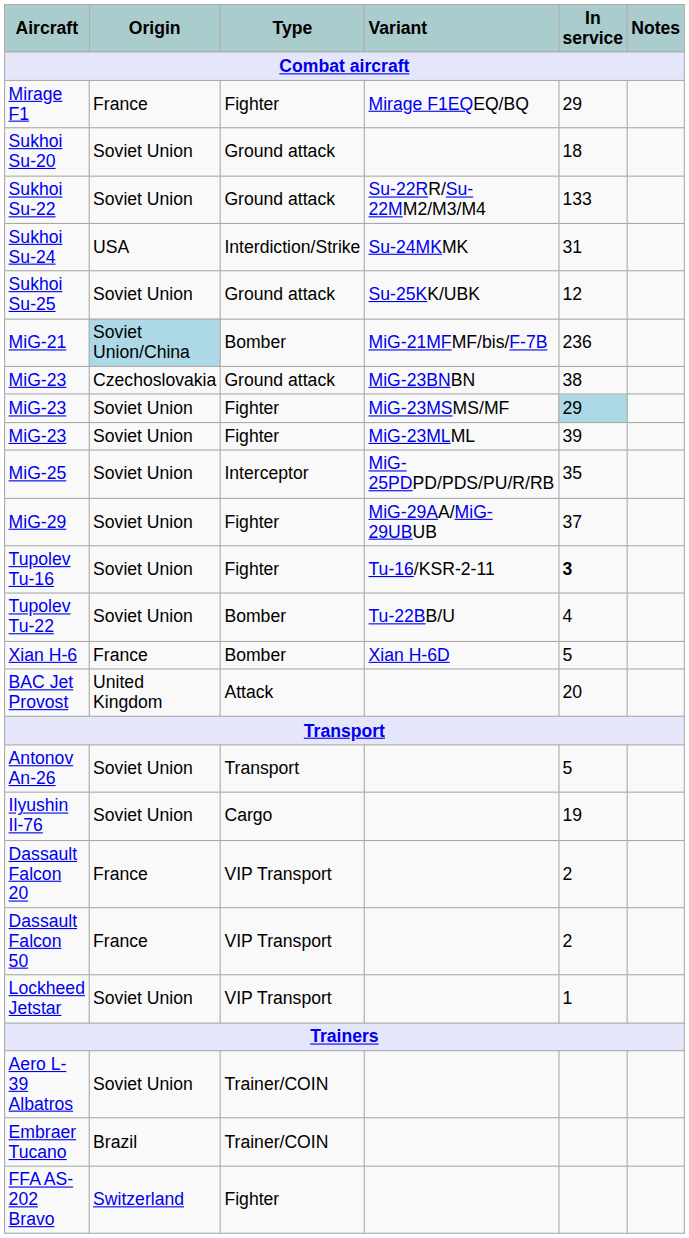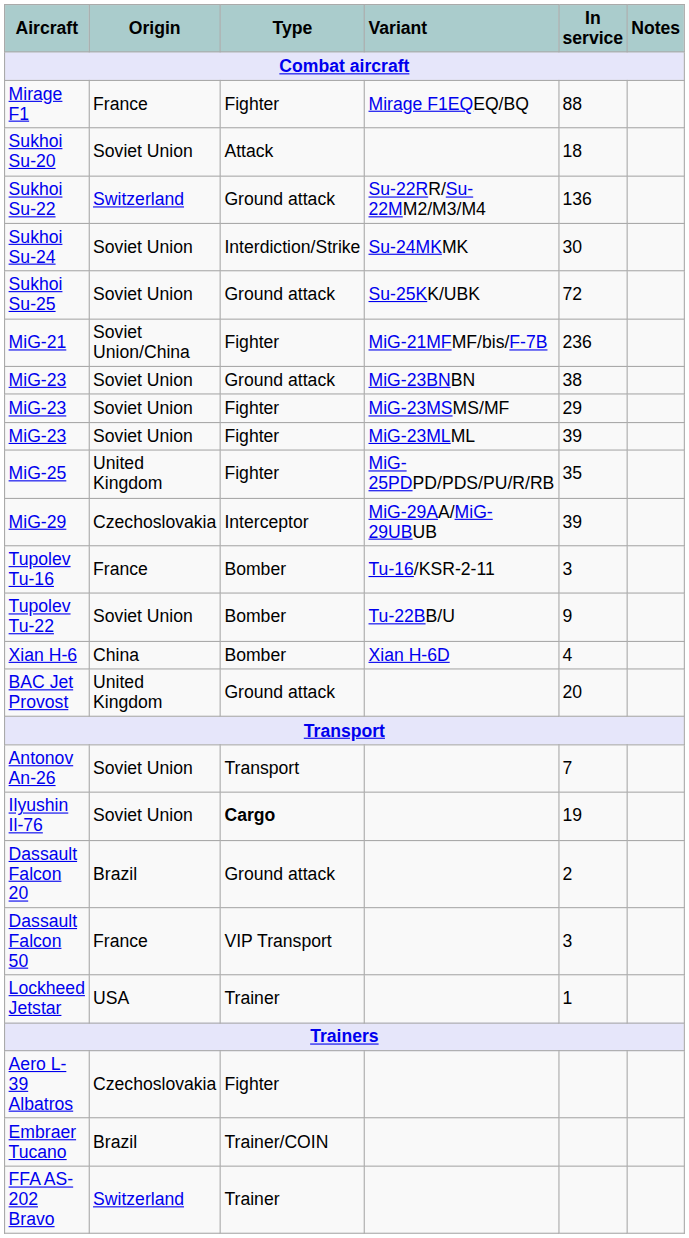 <table class="wikitable">
 <tr>
 <th style="text-align:center; background:#acc;">Aircraft</th>
 <th style="text-align: center; background:#acc;">Origin</th>
 <th style="text-align:l center; background:#acc;">Type</th>
 <th style="text-align:left; background:#acc;">Variant</th>
 <th style="text-align:center; background:#acc;">In service</th>
 <th style="text-align: center; background:#acc;">Notes</th>
 </tr>
 <tr>
 <th colspan="7" style="align: center; background: lavender;"><a href='#'>Combat aircraft</a></th>
 </tr>
 <tr>
 <td><a href='#'>Mirage F1</a></td>
 <td>France</td>
 <td>Fighter</td>
 <td><a href='#'>Mirage F1EQ</a>EQ/BQ</td>
-<td>29</td>
+<td>88</td>
 <td></td>
 </tr>
 <tr>
 <td><a href='#'>Sukhoi Su-20</a></td>
 <td>Soviet Union</td>
-<td>Ground attack</td>
+<td>Attack</td>
 <td></td>
 <td>18</td>
 <td></td>
 </tr>
 <tr>
 <td><a href='#'>Sukhoi Su-22</a></td>
-<td>Soviet Union</td>
+<td><a href='#'>Switzerland</a></td>
 <td>Ground attack</td>
 <td><a href='#'>Su-22R</a>R/<a href='#'>Su-22M</a>M2/M3/M4</td>
-<td>133</td>
+<td>136</td>
 <td></td>
 </tr>
 <tr>
 <td><a href='#'>Sukhoi Su-24</a></td>
-<td>USA</td>
+<td>Soviet Union</td>
 <td>Interdiction/Strike</td>
 <td><a href='#'>Su-24MK</a>MK</td>
-<td>31</td>
+<td>30</td>
 <td></td>
 </tr>
 <tr>
 <td><a href='#'>Sukhoi Su-25</a></td>
 <td>Soviet Union</td>
 <td>Ground attack</td>
 <td><a href='#'>Su-25K</a>K/UBK</td>
-<td>12</td>
+<td>72</td>
 <td></td>
 </tr>
 <tr>
 <td><a href='#'>MiG-21</a></td>
-<td style="background: lightblue;">Soviet Union/China</td>
-<td>Bomber</td>
+<td>Soviet Union/China</td>
+<td>Fighter</td>
 <td><a href='#'>MiG-21MF</a>MF/bis/<a href='#'>F-7B</a></td>
 <td>236</td>
 <td></td>
 </tr>
 <tr>
 <td><a href='#'>MiG-23</a></td>
-<td>Czechoslovakia</td>
+<td>Soviet Union</td>
 <td>Ground attack</td>
 <td><a href='#'>MiG-23BN</a>BN</td>
 <td>38</td>
 <td></td>
 </tr>
 <tr>
 <td><a href='#'>MiG-23</a></td>
 <td>Soviet Union</td>
 <td>Fighter</td>
 <td><a href='#'>MiG-23MS</a>MS/MF</td>
-<td style="background: lightblue;">29</td>
+<td>29</td>
 <td></td>
 </tr>
 <tr>
 <td><a href='#'>MiG-23</a></td>
 <td>Soviet Union</td>
 <td>Fighter</td>
 <td><a href='#'>MiG-23ML</a>ML</td>
 <td>39</td>
 <td></td>
 </tr>
 <tr>
 <td><a href='#'>MiG-25</a></td>
-<td>Soviet Union</td>
-<td>Interceptor</td>
+<td>United Kingdom</td>
+<td>Fighter</td>
 <td><a href='#'>MiG-25PD</a>PD/PDS/PU/R/RB</td>
 <td>35</td>
 <td></td>
 </tr>
 <tr>
 <td><a href='#'>MiG-29</a></td>
-<td>Soviet Union</td>
-<td>Fighter</td>
+<td>Czechoslovakia</td>
+<td>Interceptor</td>
 <td><a href='#'>MiG-29A</a>A/<a href='#'>MiG-29UB</a>UB</td>
-<td>37</td>
+<td>39</td>
 <td></td>
 </tr>
 <tr>
 <td><a href='#'>Tupolev Tu-16</a></td>
-<td>Soviet Union</td>
-<td>Fighter</td>
+<td>France</td>
+<td>Bomber</td>
 <td><a href='#'>Tu-16</a>/KSR-2-11</td>
-<td><strong>3</strong></td>
+<td>3</td>
 <td></td>
 </tr>
 <tr>
 <td><a href='#'>Tupolev Tu-22</a></td>
 <td>Soviet Union</td>
 <td>Bomber</td>
 <td><a href='#'>Tu-22B</a>B/U</td>
-<td>4</td>
+<td>9</td>
 <td></td>
 </tr>
 <tr>
 <td><a href='#'>Xian H-6</a></td>
-<td>France</td>
+<td>China</td>
 <td>Bomber</td>
 <td><a href='#'>Xian H-6D</a></td>
-<td>5</td>
+<td>4</td>
 <td></td>
 </tr>
 <tr>
 <td><a href='#'>BAC Jet Provost</a></td>
 <td>United Kingdom</td>
-<td>Attack</td>
+<td>Ground attack</td>
 <td></td>
 <td>20</td>
 <td></td>
 </tr>
 <tr>
 <th colspan="7" style="align: center; background: lavender;"><a href='#'>Transport</a></th>
 </tr>
 <tr>
 <td><a href='#'>Antonov An-26</a></td>
 <td>Soviet Union</td>
 <td>Transport</td>
 <td></td>
-<td>5</td>
+<td>7</td>
 <td></td>
 </tr>
 <tr>
 <td><a href='#'>Ilyushin Il-76</a></td>
 <td>Soviet Union</td>
-<td>Cargo</td>
+<td><strong>Cargo</strong></td>
 <td></td>
 <td>19</td>
 <td></td>
 </tr>
 <tr>
 <td><a href='#'>Dassault Falcon 20</a></td>
-<td>France</td>
-<td>VIP Transport</td>
+<td>Brazil</td>
+<td>Ground attack</td>
 <td></td>
 <td>2</td>
 <td></td>
 </tr>
 <tr>
 <td><a href='#'>Dassault Falcon 50</a></td>
 <td>France</td>
 <td>VIP Transport</td>
 <td></td>
-<td>2</td>
+<td>3</td>
 <td></td>
 </tr>
 <tr>
 <td><a href='#'>Lockheed Jetstar</a></td>
-<td>Soviet Union</td>
-<td>VIP Transport</td>
+<td>USA</td>
+<td>Trainer</td>
 <td></td>
 <td>1</td>
 <td></td>
 </tr>
 <tr>
 <th colspan="7" style="align: center; background: lavender;"><a href='#'>Trainers</a></th>
 </tr>
 <tr>
 <td><a href='#'>Aero L-39 Albatros</a></td>
-<td>Soviet Union</td>
-<td>Trainer/COIN</td>
+<td>Czechoslovakia</td>
+<td>Fighter</td>
 <td></td>
 <td></td>
 <td></td>
 </tr>
 <tr>
 <td><a href='#'>Embraer Tucano</a></td>
 <td>Brazil</td>
 <td>Trainer/COIN</td>
 <td></td>
 <td></td>
 <td></td>
 </tr>
 <tr>
 <td><a href='#'>FFA AS-202 Bravo</a></td>
 <td><a href='#'>Switzerland</a></td>
-<td>Fighter</td>
+<td>Trainer</td>
 <td></td>
 <td></td>
 <td></td>
 </tr>
 </table>
